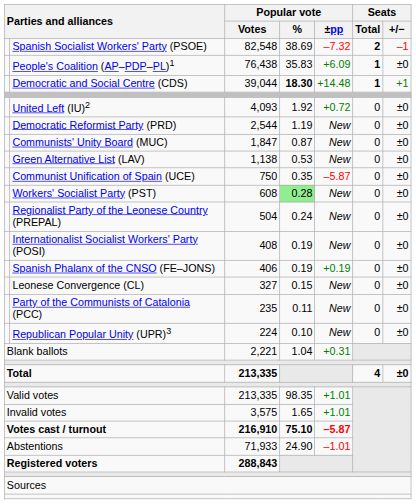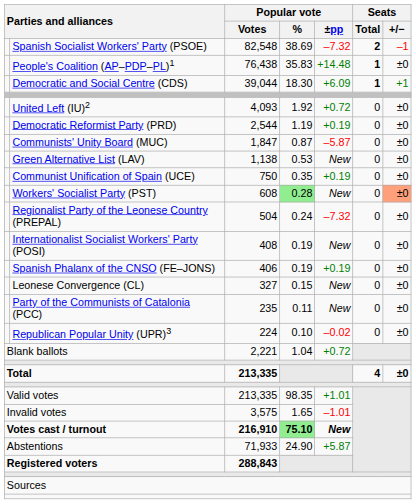 <table class="wikitable" style="text-align:right;">
 <tr>
 <th style="text-align:left;" rowspan="2" colspan="2" width="525">Parties and alliances</th>
 <th colspan="3">Popular vote</th>
 <th colspan="2">Seats</th>
 </tr>
 <tr>
 <th width="75">Votes</th>
 <th width="45">%</th>
 <th width="45">±<a href='#'>pp</a></th>
 <th width="35">Total</th>
 <th width="35">+/−</th>
 </tr>
 <tr>
 <td width="1" style="color:inherit;background:"></td>
 <td align="left"><a href='#'>Spanish Socialist Workers' Party</a> (PSOE)</td>
 <td>82,548</td>
 <td>38.69</td>
 <td style="color:red;">–7.32</td>
 <td><strong>2</strong></td>
 <td style="color:red;">–1</td>
 </tr>
 <tr>
 <td style="color:inherit;background:"></td>
 <td align="left"><a href='#'>People's Coalition</a> (<a href='#'>AP</a>–<a href='#'>PDP</a>–<a href='#'>PL</a>)<sup>1</sup></td>
 <td>76,438</td>
 <td>35.83</td>
-<td style="color:green;">+6.09</td>
+<td style="color:green;">+14.48</td>
 <td><strong>1</strong></td>
 <td>±0</td>
 </tr>
 <tr>
 <td style="color:inherit;background:"></td>
 <td align="left"><a href='#'>Democratic and Social Centre</a> (CDS)</td>
 <td>39,044</td>
-<td><strong>18.30</strong></td>
-<td style="color:green;">+14.48</td>
+<td>18.30</td>
+<td style="color:green;">+6.09</td>
 <td><strong>1</strong></td>
 <td style="color:green;">+1</td>
 </tr>
 <tr>
 <td colspan="7" bgcolor="#C0C0C0"></td>
 </tr>
 <tr>
 <td style="color:inherit;background:"></td>
 <td align="left"><a href='#'>United Left</a> (IU)<sup>2</sup></td>
 <td>4,093</td>
 <td>1.92</td>
 <td style="color:green;">+0.72</td>
 <td>0</td>
 <td>±0</td>
 </tr>
 <tr>
 <td style="color:inherit;background:"></td>
 <td align="left"><a href='#'>Democratic Reformist Party</a> (PRD)</td>
 <td>2,544</td>
 <td>1.19</td>
-<td><em>New</em></td>
+<td style="color:green;">+0.19</td>
 <td>0</td>
 <td>±0</td>
 </tr>
 <tr>
 <td style="color:inherit;background:"></td>
 <td align="left"><a href='#'>Communists' Unity Board</a> (MUC)</td>
 <td>1,847</td>
 <td>0.87</td>
-<td><em>New</em></td>
+<td style="color:red;">–5.87</td>
 <td>0</td>
 <td>±0</td>
 </tr>
 <tr>
 <td style="color:inherit;background:"></td>
 <td align="left"><a href='#'>Green Alternative List</a> (LAV)</td>
 <td>1,138</td>
 <td>0.53</td>
 <td><em>New</em></td>
 <td>0</td>
 <td>±0</td>
 </tr>
 <tr>
 <td style="color:inherit;background:"></td>
 <td align="left"><a href='#'>Communist Unification of Spain</a> (UCE)</td>
 <td>750</td>
 <td>0.35</td>
-<td style="color:red;">–5.87</td>
+<td style="color:green;">+0.19</td>
 <td>0</td>
 <td>±0</td>
 </tr>
 <tr>
 <td style="color:inherit;background:"></td>
 <td align="left"><a href='#'>Workers' Socialist Party</a> (PST)</td>
 <td>608</td>
 <td style="background: lightgreen;">0.28</td>
 <td><em>New</em></td>
 <td>0</td>
-<td>±0</td>
+<td style="background: lightsalmon;">±0</td>
 </tr>
 <tr>
 <td style="color:inherit;background:"></td>
 <td align="left"><a href='#'>Regionalist Party of the Leonese Country</a> (PREPAL)</td>
 <td>504</td>
 <td>0.24</td>
-<td><em>New</em></td>
+<td style="color:red;">–7.32</td>
 <td>0</td>
 <td>±0</td>
 </tr>
 <tr>
 <td style="color:inherit;background:"></td>
 <td align="left"><a href='#'>Internationalist Socialist Workers' Party</a> (POSI)</td>
 <td>408</td>
 <td>0.19</td>
 <td><em>New</em></td>
 <td>0</td>
 <td>±0</td>
 </tr>
 <tr>
 <td style="color:inherit;background:"></td>
 <td align="left"><a href='#'>Spanish Phalanx of the CNSO</a> (FE–JONS)</td>
 <td>406</td>
 <td>0.19</td>
 <td style="color:green;">+0.19</td>
 <td>0</td>
 <td>±0</td>
 </tr>
 <tr>
 <td style="color:inherit;background:"></td>
 <td align="left">Leonese Convergence (CL)</td>
 <td>327</td>
 <td>0.15</td>
 <td><em>New</em></td>
 <td>0</td>
 <td>±0</td>
 </tr>
 <tr>
 <td style="color:inherit;background:"></td>
 <td align="left"><a href='#'>Party of the Communists of Catalonia</a> (PCC)</td>
 <td>235</td>
 <td>0.11</td>
 <td><em>New</em></td>
 <td>0</td>
 <td>±0</td>
 </tr>
 <tr>
 <td style="color:inherit;background:"></td>
 <td align="left"><a href='#'>Republican Popular Unity</a> (UPR)<sup>3</sup></td>
 <td>224</td>
 <td>0.10</td>
-<td><em>New</em></td>
+<td style="color:red;">–0.02</td>
 <td>0</td>
 <td>±0</td>
 </tr>
 <tr>
 <td align="left" colspan="2">Blank ballots</td>
 <td>2,221</td>
 <td>1.04</td>
-<td style="color:green;">+0.31</td>
+<td style="color:green;">+0.72</td>
 <td bgcolor="#E9E9E9" colspan="2"></td>
 </tr>
 <tr>
 <td colspan="7" bgcolor="#E9E9E9"></td>
 </tr>
 <tr style="font-weight:bold;">
 <td align="left" colspan="2">Total</td>
 <td>213,335</td>
 <td bgcolor="#E9E9E9" colspan="2"></td>
 <td>4</td>
 <td>±0</td>
 </tr>
 <tr>
 <td colspan="7" bgcolor="#E9E9E9"></td>
 </tr>
 <tr>
 <td align="left" colspan="2">Valid votes</td>
 <td>213,335</td>
 <td>98.35</td>
 <td style="color:green;">+1.01</td>
 <td bgcolor="#E9E9E9" colspan="2" rowspan="5"></td>
 </tr>
 <tr>
 <td align="left" colspan="2">Invalid votes</td>
 <td>3,575</td>
 <td>1.65</td>
-<td style="color:green;">+1.01</td>
+<td style="color:red;">–1.01</td>
 </tr>
 <tr style="font-weight:bold;">
 <td align="left" colspan="2">Votes cast / turnout</td>
 <td>216,910</td>
-<td>75.10</td>
-<td style="color:red;">–5.87</td>
+<td style="background: lightgreen;">75.10</td>
+<td><em>New</em></td>
 </tr>
 <tr>
 <td align="left" colspan="2">Abstentions</td>
 <td>71,933</td>
 <td>24.90</td>
-<td style="color:red;">–1.01</td>
+<td style="color:green;">+5.87</td>
 </tr>
 <tr style="font-weight:bold;">
 <td align="left" colspan="2">Registered voters</td>
 <td>288,843</td>
 <td bgcolor="#E9E9E9" colspan="2"></td>
 </tr>
 <tr>
 <td colspan="7" bgcolor="#E9E9E9"></td>
 </tr>
 <tr>
 <td align="left" colspan="7">Sources</td>
 </tr>
 <tr>
 <td colspan="7" style="text-align:left; max-width:790px;"></td>
 </tr>
 </table>
